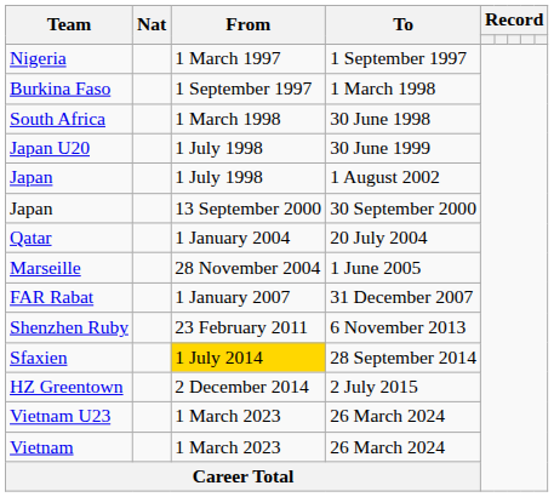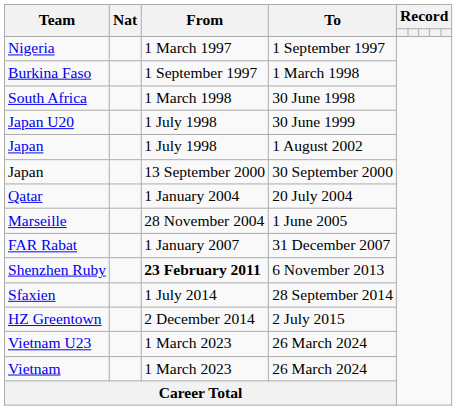 <table class="wikitable" style="text-align: center;">
 <tr>
 <th rowspan="2">Team</th>
 <th rowspan="2">Nat</th>
 <th rowspan="2">From</th>
 <th rowspan="2">To</th>
 <th colspan="5">Record</th>
 </tr>
 <tr>
 <th></th>
 <th></th>
 <th></th>
 <th></th>
 <th></th>
 </tr>
 <tr>
 <td align="left"><a href='#'>Nigeria</a></td>
 <td></td>
 <td align="left">1 March 1997</td>
 <td align="left">1 September 1997<br></td>
 </tr>
 <tr>
 <td align="left"><a href='#'>Burkina Faso</a></td>
 <td></td>
 <td align="left">1 September 1997</td>
 <td align="left">1 March 1998<br></td>
 </tr>
 <tr>
 <td align=left><a href='#'>South Africa</a></td>
 <td></td>
 <td align=left>1 March 1998</td>
 <td align=left>30 June 1998<br></td>
 </tr>
 <tr>
 <td align=left><a href='#'>Japan U20</a></td>
 <td></td>
 <td align=left>1 July 1998</td>
 <td align=left>30 June 1999<br></td>
 </tr>
 <tr>
 <td align=left><a href='#'>Japan</a></td>
 <td></td>
 <td align=left>1 July 1998</td>
 <td align=left>1 August 2002<br></td>
 </tr>
 <tr>
 <td align=left>Japan</td>
 <td></td>
 <td align=left>13 September 2000</td>
 <td align=left>30 September 2000<br></td>
 </tr>
 <tr>
 <td align=left><a href='#'>Qatar</a></td>
 <td></td>
 <td align=left>1 January 2004</td>
 <td align=left>20 July 2004<br></td>
 </tr>
 <tr>
 <td align=left><a href='#'>Marseille</a></td>
 <td></td>
 <td align=left>28 November 2004</td>
 <td align=left>1 June 2005<br></td>
 </tr>
 <tr>
 <td align=left><a href='#'>FAR Rabat</a></td>
 <td></td>
 <td align=left>1 January 2007</td>
 <td align=left>31 December 2007<br></td>
 </tr>
 <tr>
 <td align=left><a href='#'>Shenzhen Ruby</a></td>
 <td></td>
-<td align=left>23 February 2011</td>
+<td align=left><strong>23 February 2011</strong></td>
 <td align=left>6 November 2013<br></td>
 </tr>
 <tr>
 <td align=left><a href='#'>Sfaxien</a></td>
 <td></td>
-<td align=left style="background: gold;">1 July 2014</td>
+<td align=left>1 July 2014</td>
 <td align=left>28 September 2014<br></td>
 </tr>
 <tr>
 <td align=left><a href='#'>HZ Greentown</a></td>
 <td></td>
 <td align=left>2 December 2014</td>
 <td align=left>2 July 2015<br></td>
 </tr>
 <tr>
 <td align=left><a href='#'>Vietnam U23</a></td>
 <td></td>
 <td align=left>1 March 2023</td>
 <td align=left>26 March 2024<br></td>
 </tr>
 <tr>
 <td align=left><a href='#'>Vietnam</a></td>
 <td></td>
 <td align=left>1 March 2023</td>
 <td align=left>26 March 2024<br></td>
 </tr>
 <tr>
 <th colspan="4">Career Total<br></th>
 </tr>
 </table>
